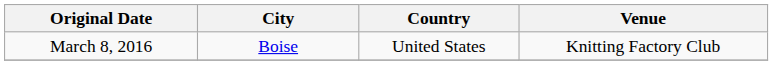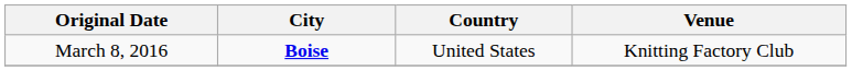 <table class="wikitable" style="text-align:center;">
 <tr>
 <th width="170">Original Date</th>
 <th width="140">City</th>
 <th width="140">Country</th>
 <th width="220">Venue</th>
 </tr>
 <tr>
 <td>March 8, 2016</td>
-<td><a href='#'>Boise</a></td>
+<td><strong><a href='#'>Boise</a></strong></td>
 <td>United States</td>
 <td>Knitting Factory Club</td>
 </tr>
 <tr>
 </tr>
 </table>
